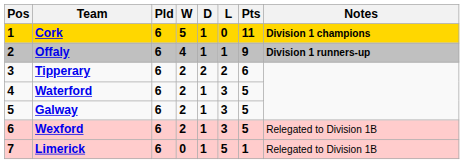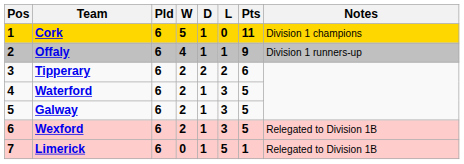 <table class="wikitable" style="text-align: centre;">
 <tr>
 <th width=20>Pos</th>
 <th width=150>Team</th>
 <th width=20>Pld</th>
 <th width=20>W</th>
 <th width=20>D</th>
 <th width=20>L</th>
 <th width=20>Pts</th>
 <th width=250>Notes</th>
 </tr>
 <tr style="background:gold;">
 <td><strong>1</strong></td>
 <td align=left><strong> <a href='#'>Cork</a> </strong></td>
 <td><strong>6</strong></td>
 <td><strong>5</strong></td>
 <td><strong>1</strong></td>
 <td><strong>0</strong></td>
 <td><strong>11</strong></td>
-<td><strong><small> Division 1 champions</small></strong></td>
+<td><small> Division 1 champions</small></td>
 </tr>
 <tr style="background:silver;">
 <td><strong>2</strong></td>
 <td align=left><strong> <a href='#'>Offaly</a> </strong></td>
 <td><strong>6</strong></td>
 <td><strong>4</strong></td>
 <td><strong>1</strong></td>
 <td><strong>1</strong></td>
 <td><strong>9</strong></td>
-<td><strong><small> Division 1 runners-up</small></strong></td>
+<td><small> Division 1 runners-up</small></td>
 </tr>
 <tr>
 <td><strong>3</strong></td>
 <td align=left><strong> <a href='#'>Tipperary</a> </strong></td>
 <td><strong>6</strong></td>
 <td><strong>2</strong></td>
 <td><strong>2</strong></td>
 <td><strong>2</strong></td>
 <td><strong>6</strong></td>
 </tr>
 <tr>
 <td><strong>4</strong></td>
 <td align=left><strong> <a href='#'>Waterford</a> </strong></td>
 <td><strong>6</strong></td>
 <td><strong>2</strong></td>
 <td><strong>1</strong></td>
 <td><strong>3</strong></td>
 <td><strong>5</strong></td>
 </tr>
 <tr>
 <td><strong>5</strong></td>
 <td align=left><strong> <a href='#'>Galway</a> </strong></td>
 <td><strong>6</strong></td>
 <td><strong>2</strong></td>
 <td><strong>1</strong></td>
 <td><strong>3</strong></td>
 <td><strong>5</strong></td>
 </tr>
 <tr style="background:#fcc;">
 <td><strong>6</strong></td>
 <td align=left><strong> <a href='#'>Wexford</a> </strong></td>
 <td><strong>6</strong></td>
 <td><strong>2</strong></td>
 <td><strong>1</strong></td>
 <td><strong>3</strong></td>
 <td><strong>5</strong></td>
 <td><small> Relegated to Division 1B</small></td>
 </tr>
 <tr style="background:#fcc;">
 <td><strong>7</strong></td>
 <td align=left><strong> <a href='#'>Limerick</a> </strong></td>
 <td><strong>6</strong></td>
 <td><strong>0</strong></td>
 <td><strong>1</strong></td>
 <td><strong>5</strong></td>
 <td><strong>1</strong></td>
 <td><small> Relegated to Division 1B</small></td>
 </tr>
 </table>
